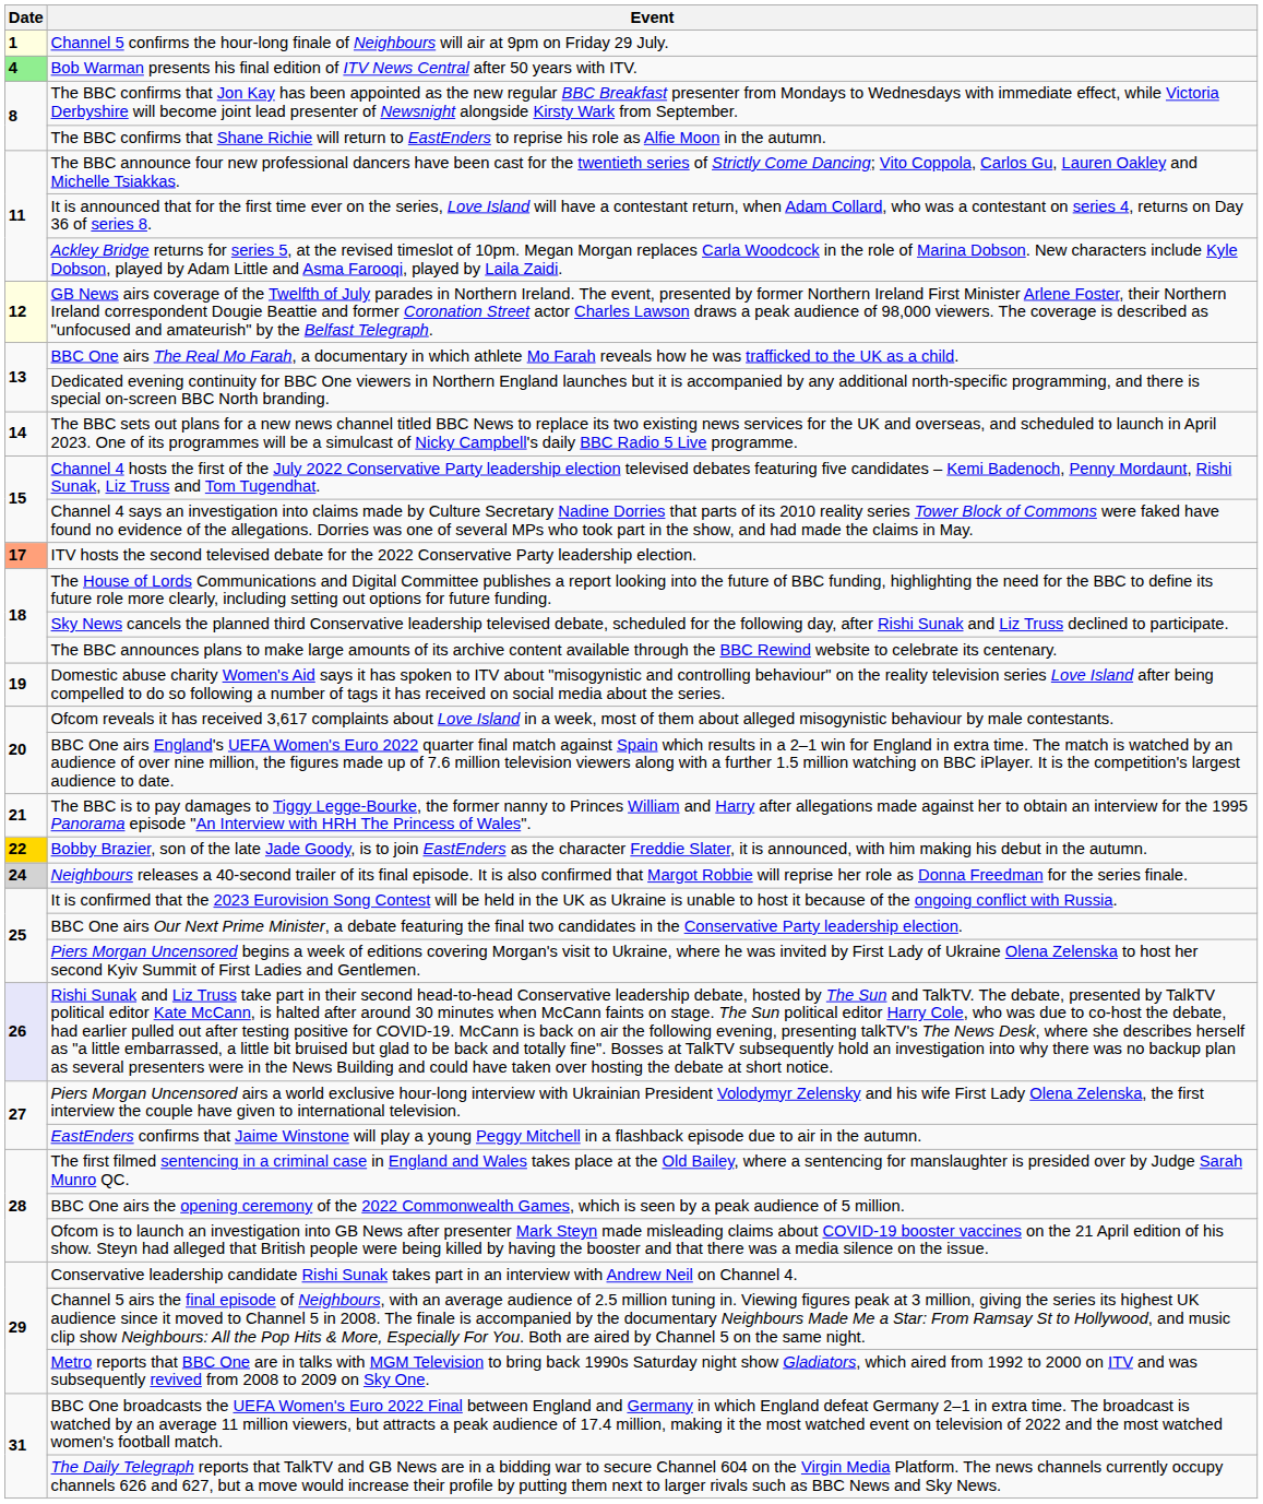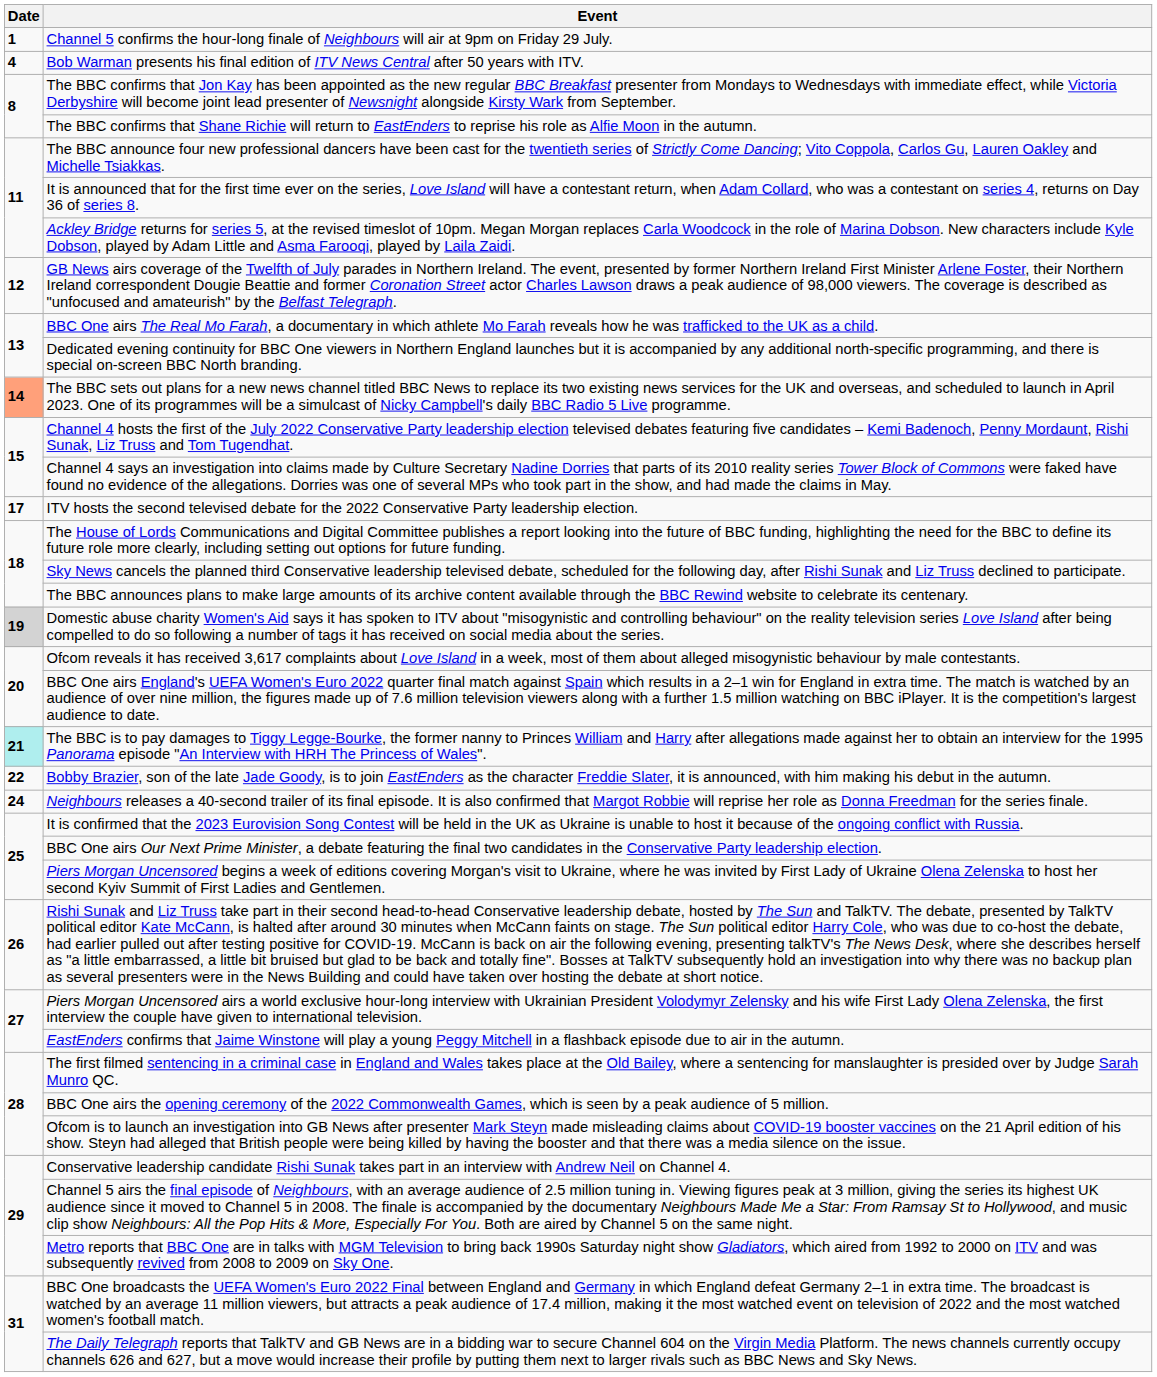 <table class="wikitable">
 <tr>
 <th>Date</th>
 <th>Event</th>
 </tr>
 <tr>
-<td style="background: lightyellow;"><strong>1</strong></td>
+<td><strong>1</strong></td>
 <td><a href='#'>Channel 5</a> confirms the hour-long finale of <em><a href='#'>Neighbours</a></em> will air at 9pm on Friday 29 July.</td>
 </tr>
 <tr>
-<td style="background: lightgreen;"><strong>4</strong></td>
+<td><strong>4</strong></td>
 <td><a href='#'>Bob Warman</a> presents his final edition of <em><a href='#'>ITV News Central</a></em> after 50 years with ITV.</td>
 </tr>
 <tr>
 <td rowspan=2><strong>8</strong></td>
 <td>The BBC confirms that <a href='#'>Jon Kay</a> has been appointed as the new regular <em><a href='#'>BBC Breakfast</a></em> presenter from Mondays to Wednesdays with immediate effect, while <a href='#'>Victoria Derbyshire</a> will become joint lead presenter of <em><a href='#'>Newsnight</a></em> alongside <a href='#'>Kirsty Wark</a> from September.</td>
 </tr>
 <tr>
 <td>The BBC confirms that <a href='#'>Shane Richie</a> will return to <em><a href='#'>EastEnders</a></em> to reprise his role as <a href='#'>Alfie Moon</a> in the autumn.</td>
 </tr>
 <tr>
 <td rowspan=3><strong>11</strong></td>
 <td>The BBC announce four new professional dancers have been cast for the <a href='#'>twentieth series</a> of <em><a href='#'>Strictly Come Dancing</a></em>; <a href='#'>Vito Coppola</a>, <a href='#'>Carlos Gu</a>, <a href='#'>Lauren Oakley</a> and <a href='#'>Michelle Tsiakkas</a>.</td>
 </tr>
 <tr>
 <td>It is announced that for the first time ever on the series, <em><a href='#'>Love Island</a></em> will have a contestant return, when <a href='#'>Adam Collard</a>, who was a contestant on <a href='#'>series 4</a>, returns on Day 36 of <a href='#'>series 8</a>.</td>
 </tr>
 <tr>
 <td><em><a href='#'>Ackley Bridge</a></em> returns for <a href='#'>series 5</a>, at the revised timeslot of 10pm. Megan Morgan replaces <a href='#'>Carla Woodcock</a> in the role of <a href='#'>Marina Dobson</a>. New characters include <a href='#'>Kyle Dobson</a>, played by Adam Little and <a href='#'>Asma Farooqi</a>, played by <a href='#'>Laila Zaidi</a>.</td>
 </tr>
 <tr>
-<td style="background: lightyellow;"><strong>12</strong></td>
+<td><strong>12</strong></td>
 <td><a href='#'>GB News</a> airs coverage of the <a href='#'>Twelfth of July</a> parades in Northern Ireland. The event, presented by former Northern Ireland First Minister <a href='#'>Arlene Foster</a>, their Northern Ireland correspondent Dougie Beattie and former <em><a href='#'>Coronation Street</a></em> actor <a href='#'>Charles Lawson</a> draws a peak audience of 98,000 viewers. The coverage is described as "unfocused and amateurish" by the <em><a href='#'>Belfast Telegraph</a></em>.</td>
 </tr>
 <tr>
 <td rowspan=2><strong>13</strong></td>
 <td><a href='#'>BBC One</a> airs <em><a href='#'>The Real Mo Farah</a></em>, a documentary in which athlete <a href='#'>Mo Farah</a> reveals how he was <a href='#'>trafficked to the UK as a child</a>.</td>
 </tr>
 <tr>
 <td>Dedicated evening continuity for BBC One viewers in Northern England launches but it is accompanied by any additional north-specific programming, and there is special on-screen BBC North branding.</td>
 </tr>
 <tr>
-<td><strong>14</strong></td>
+<td style="background: lightsalmon;"><strong>14</strong></td>
 <td>The BBC sets out plans for a new news channel titled BBC News to replace its two existing news services for the UK and overseas, and scheduled to launch in April 2023. One of its programmes will be a simulcast of <a href='#'>Nicky Campbell</a>'s daily <a href='#'>BBC Radio 5 Live</a> programme.</td>
 </tr>
 <tr>
 <td rowspan=2><strong>15</strong></td>
 <td><a href='#'>Channel 4</a> hosts the first of the <a href='#'>July 2022 Conservative Party leadership election</a> televised debates featuring five candidates – <a href='#'>Kemi Badenoch</a>, <a href='#'>Penny Mordaunt</a>, <a href='#'>Rishi Sunak</a>, <a href='#'>Liz Truss</a> and <a href='#'>Tom Tugendhat</a>.</td>
 </tr>
 <tr>
 <td>Channel 4 says an investigation into claims made by Culture Secretary <a href='#'>Nadine Dorries</a> that parts of its 2010 reality series <em><a href='#'>Tower Block of Commons</a></em> were faked have found no evidence of the allegations. Dorries was one of several MPs who took part in the show, and had made the claims in May.</td>
 </tr>
 <tr>
-<td style="background: lightsalmon;"><strong>17</strong></td>
+<td><strong>17</strong></td>
 <td>ITV hosts the second televised debate for the 2022 Conservative Party leadership election.</td>
 </tr>
 <tr>
 <td rowspan=3><strong>18</strong></td>
 <td>The <a href='#'>House of Lords</a> Communications and Digital Committee publishes a report looking into the future of BBC funding, highlighting the need for the BBC to define its future role more clearly, including setting out options for future funding.</td>
 </tr>
 <tr>
 <td><a href='#'>Sky News</a> cancels the planned third Conservative leadership televised debate, scheduled for the following day, after <a href='#'>Rishi Sunak</a> and <a href='#'>Liz Truss</a> declined to participate.</td>
 </tr>
 <tr>
 <td>The BBC announces plans to make large amounts of its archive content available through the <a href='#'>BBC Rewind</a> website to celebrate its centenary.</td>
 </tr>
 <tr>
-<td><strong>19</strong></td>
+<td style="background: lightgrey;"><strong>19</strong></td>
 <td>Domestic abuse charity <a href='#'>Women's Aid</a> says it has spoken to ITV about "misogynistic and controlling behaviour" on the reality television series <em><a href='#'>Love Island</a></em> after being compelled to do so following a number of tags it has received on social media about the series.</td>
 </tr>
 <tr>
 <td rowspan=2><strong>20</strong></td>
 <td>Ofcom reveals it has received 3,617 complaints about <em><a href='#'>Love Island</a></em> in a week, most of them about alleged misogynistic behaviour by male contestants.</td>
 </tr>
 <tr>
 <td>BBC One airs <a href='#'>England</a>'s <a href='#'>UEFA Women's Euro 2022</a> quarter final match against <a href='#'>Spain</a> which results in a 2–1 win for England in extra time. The match is watched by an audience of over nine million, the figures made up of 7.6 million television viewers along with a further 1.5 million watching on BBC iPlayer. It is the competition's largest audience to date.</td>
 </tr>
 <tr>
-<td><strong>21</strong></td>
+<td style="background: paleturquoise;"><strong>21</strong></td>
 <td>The BBC is to pay damages to <a href='#'>Tiggy Legge-Bourke</a>, the former nanny to Princes <a href='#'>William</a> and <a href='#'>Harry</a> after allegations made against her to obtain an interview for the 1995 <em><a href='#'>Panorama</a></em> episode "<a href='#'>An Interview with HRH The Princess of Wales</a>".</td>
 </tr>
 <tr>
-<td style="background: gold;"><strong>22</strong></td>
+<td><strong>22</strong></td>
 <td><a href='#'>Bobby Brazier</a>, son of the late <a href='#'>Jade Goody</a>, is to join <em><a href='#'>EastEnders</a></em> as the character <a href='#'>Freddie Slater</a>, it is announced, with him making his debut in the autumn.</td>
 </tr>
 <tr>
-<td style="background: lightgrey;"><strong>24</strong></td>
+<td><strong>24</strong></td>
 <td><em><a href='#'>Neighbours</a></em> releases a 40-second trailer of its final episode. It is also confirmed that <a href='#'>Margot Robbie</a> will reprise her role as <a href='#'>Donna Freedman</a> for the series finale.</td>
 </tr>
 <tr>
 <td rowspan=3><strong>25</strong></td>
 <td>It is confirmed that the <a href='#'>2023 Eurovision Song Contest</a> will be held in the UK as Ukraine is unable to host it because of the <a href='#'>ongoing conflict with Russia</a>.</td>
 </tr>
 <tr>
 <td>BBC One airs <em>Our Next Prime Minister</em>, a debate featuring the final two candidates in the <a href='#'>Conservative Party leadership election</a>.</td>
 </tr>
 <tr>
 <td><em><a href='#'>Piers Morgan Uncensored</a></em> begins a week of editions covering Morgan's visit to Ukraine, where he was invited by First Lady of Ukraine <a href='#'>Olena Zelenska</a> to host her second Kyiv Summit of First Ladies and Gentlemen.</td>
 </tr>
 <tr>
-<td style="background: lavender;"><strong>26</strong></td>
+<td><strong>26</strong></td>
 <td><a href='#'>Rishi Sunak</a> and <a href='#'>Liz Truss</a> take part in their second head-to-head Conservative leadership debate, hosted by <em><a href='#'>The Sun</a></em> and TalkTV. The debate, presented by TalkTV political editor <a href='#'>Kate McCann</a>, is halted after around 30 minutes when McCann faints on stage. <em>The Sun</em> political editor <a href='#'>Harry Cole</a>, who was due to co-host the debate, had earlier pulled out after testing positive for COVID-19. McCann is back on air the following evening, presenting talkTV's <em>The News Desk</em>, where she describes herself as "a little embarrassed, a little bit bruised but glad to be back and totally fine". Bosses at TalkTV subsequently hold an investigation into why there was no backup plan as several presenters were in the News Building and could have taken over hosting the debate at short notice.</td>
 </tr>
 <tr>
 <td rowspan=2><strong>27</strong></td>
 <td><em>Piers Morgan Uncensored</em> airs a world exclusive hour-long interview with Ukrainian President <a href='#'>Volodymyr Zelensky</a> and his wife First Lady <a href='#'>Olena Zelenska</a>, the first interview the couple have given to international television.</td>
 </tr>
 <tr>
 <td><em><a href='#'>EastEnders</a></em> confirms that <a href='#'>Jaime Winstone</a> will play a young <a href='#'>Peggy Mitchell</a> in a flashback episode due to air in the autumn.</td>
 </tr>
 <tr>
 <td rowspan=3><strong>28</strong></td>
 <td>The first filmed <a href='#'>sentencing in a criminal case</a> in <a href='#'>England and Wales</a> takes place at the <a href='#'>Old Bailey</a>, where a sentencing for manslaughter is presided over by Judge <a href='#'>Sarah Munro</a> QC.</td>
 </tr>
 <tr>
 <td>BBC One airs the <a href='#'>opening ceremony</a> of the <a href='#'>2022 Commonwealth Games</a>, which is seen by a peak audience of 5 million.</td>
 </tr>
 <tr>
 <td>Ofcom is to launch an investigation into GB News after presenter <a href='#'>Mark Steyn</a> made misleading claims about <a href='#'>COVID-19 booster vaccines</a> on the 21 April edition of his show. Steyn had alleged that British people were being killed by having the booster and that there was a media silence on the issue.</td>
 </tr>
 <tr>
 <td rowspan=3><strong>29</strong></td>
 <td>Conservative leadership candidate <a href='#'>Rishi Sunak</a> takes part in an interview with <a href='#'>Andrew Neil</a> on Channel 4.</td>
 </tr>
 <tr>
 <td>Channel 5 airs the <a href='#'>final episode</a> of <em><a href='#'>Neighbours</a></em>, with an average audience of 2.5 million tuning in. Viewing figures peak at 3 million, giving the series its highest UK audience since it moved to Channel 5 in 2008. The finale is accompanied by the documentary <em>Neighbours Made Me a Star: From Ramsay St to Hollywood</em>, and music clip show <em>Neighbours: All the Pop Hits & More, Especially For You</em>. Both are aired by Channel 5 on the same night.</td>
 </tr>
 <tr>
 <td><a href='#'>Metro</a> reports that <a href='#'>BBC One</a> are in talks with <a href='#'>MGM Television</a> to bring back 1990s Saturday night show <em><a href='#'>Gladiators</a></em>, which aired from 1992 to 2000 on <a href='#'>ITV</a> and was subsequently <a href='#'>revived</a> from 2008 to 2009 on <a href='#'>Sky One</a>.</td>
 </tr>
 <tr>
 <td rowspan=2><strong>31</strong></td>
 <td>BBC One broadcasts the <a href='#'>UEFA Women's Euro 2022 Final</a> between England and <a href='#'>Germany</a> in which England defeat Germany 2–1 in extra time. The broadcast is watched by an average 11 million viewers, but attracts a peak audience of 17.4 million, making it the most watched event on television of 2022 and the most watched women's football match.</td>
 </tr>
 <tr>
 <td><em><a href='#'>The Daily Telegraph</a></em> reports that TalkTV and GB News are in a bidding war to secure Channel 604 on the <a href='#'>Virgin Media</a> Platform. The news channels currently occupy channels 626 and 627, but a move would increase their profile by putting them next to larger rivals such as BBC News and Sky News.</td>
 </tr>
 </table>
